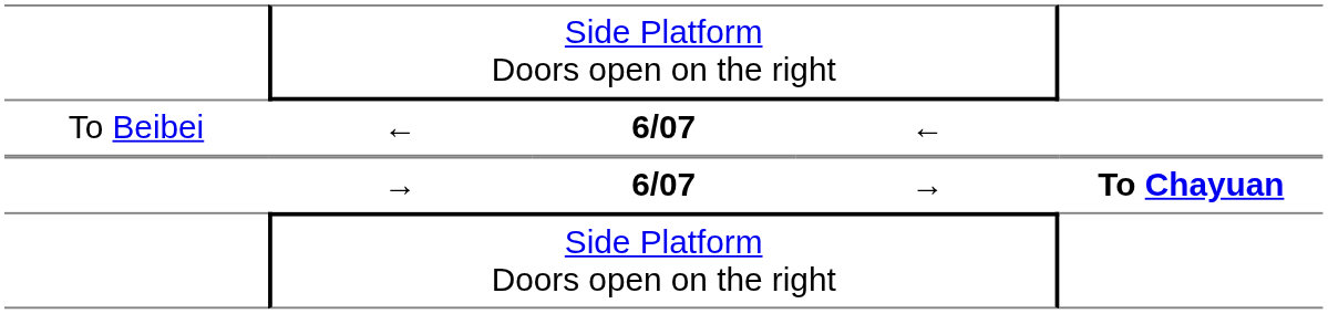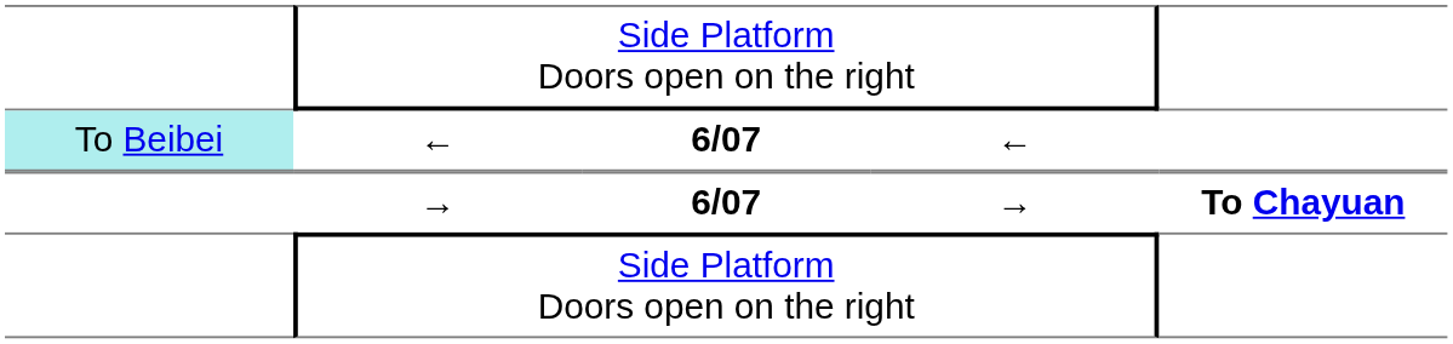 <table table border=0 cellspacing=0 cellpadding=4>
 <tr>
 <td style="border-top:solid 1px gray;border-bottom:solid 1px gray;" width=120 valign=top align=center></td>
 <td style="border-top:solid 1px gray;border-right:solid 2px black;border-left:solid 2px black;border-bottom:solid 2px black;" colspan=3 align=center><a href='#'>Side Platform</a><br>Doors open on the right</td>
 <td style="border-top:solid 1px gray;border-bottom:solid 1px gray;" width=120 valign=top align=center></td>
 </tr>
 <tr>
-<td style="border-bottom:solid 1px gray;" width=120 valign=top align=center>To  <a href='#'>Beibei</a></td>
+<td style="background: paleturquoise; border-bottom:solid 1px gray;" width=120 valign=top align=center>To  <a href='#'>Beibei</a></td>
 <td style="border-bottom:solid 1px gray;" width=120 valign=top align=center>←</td>
 <th style="border-bottom:solid 1px gray;" width=120 valign=top align=center><span>6/07</span></th>
 <td style="border-bottom:solid 1px gray;" width=120 valign=top align=center>←</td>
 <td style="border-bottom:solid 1px gray;" width=120 valign=top align=center></td>
 </tr>
 <tr>
 <td style="border-top:solid 1px gray;" valign=top align=center></td>
 <td style="border-top:solid 1px gray;" valign=top align=center>→</td>
 <th style="border-top:solid 1px gray;" valign=top align=center><span>6/07</span></th>
 <td style="border-top:solid 1px gray;" valign=top align=center>→</td>
 <td style="border-top:solid 1px gray;" valign=top align=center><strong>To  <a href='#'>Chayuan</a></strong></td>
 </tr>
 <tr>
 <td style="border-top:solid 1px gray;border-bottom:solid 1px gray;" width=120 valign=top align=center></td>
 <td style="border-top:solid 2px black;border-right:solid 2px black;border-left:solid 2px black;border-bottom:solid 1px gray;" colspan=3 align=center><a href='#'>Side Platform</a><br>Doors open on the right</td>
 <td style="border-top:solid 1px gray;border-bottom:solid 1px gray;" width=120 valign=top align=center></td>
 </tr>
 </table>
